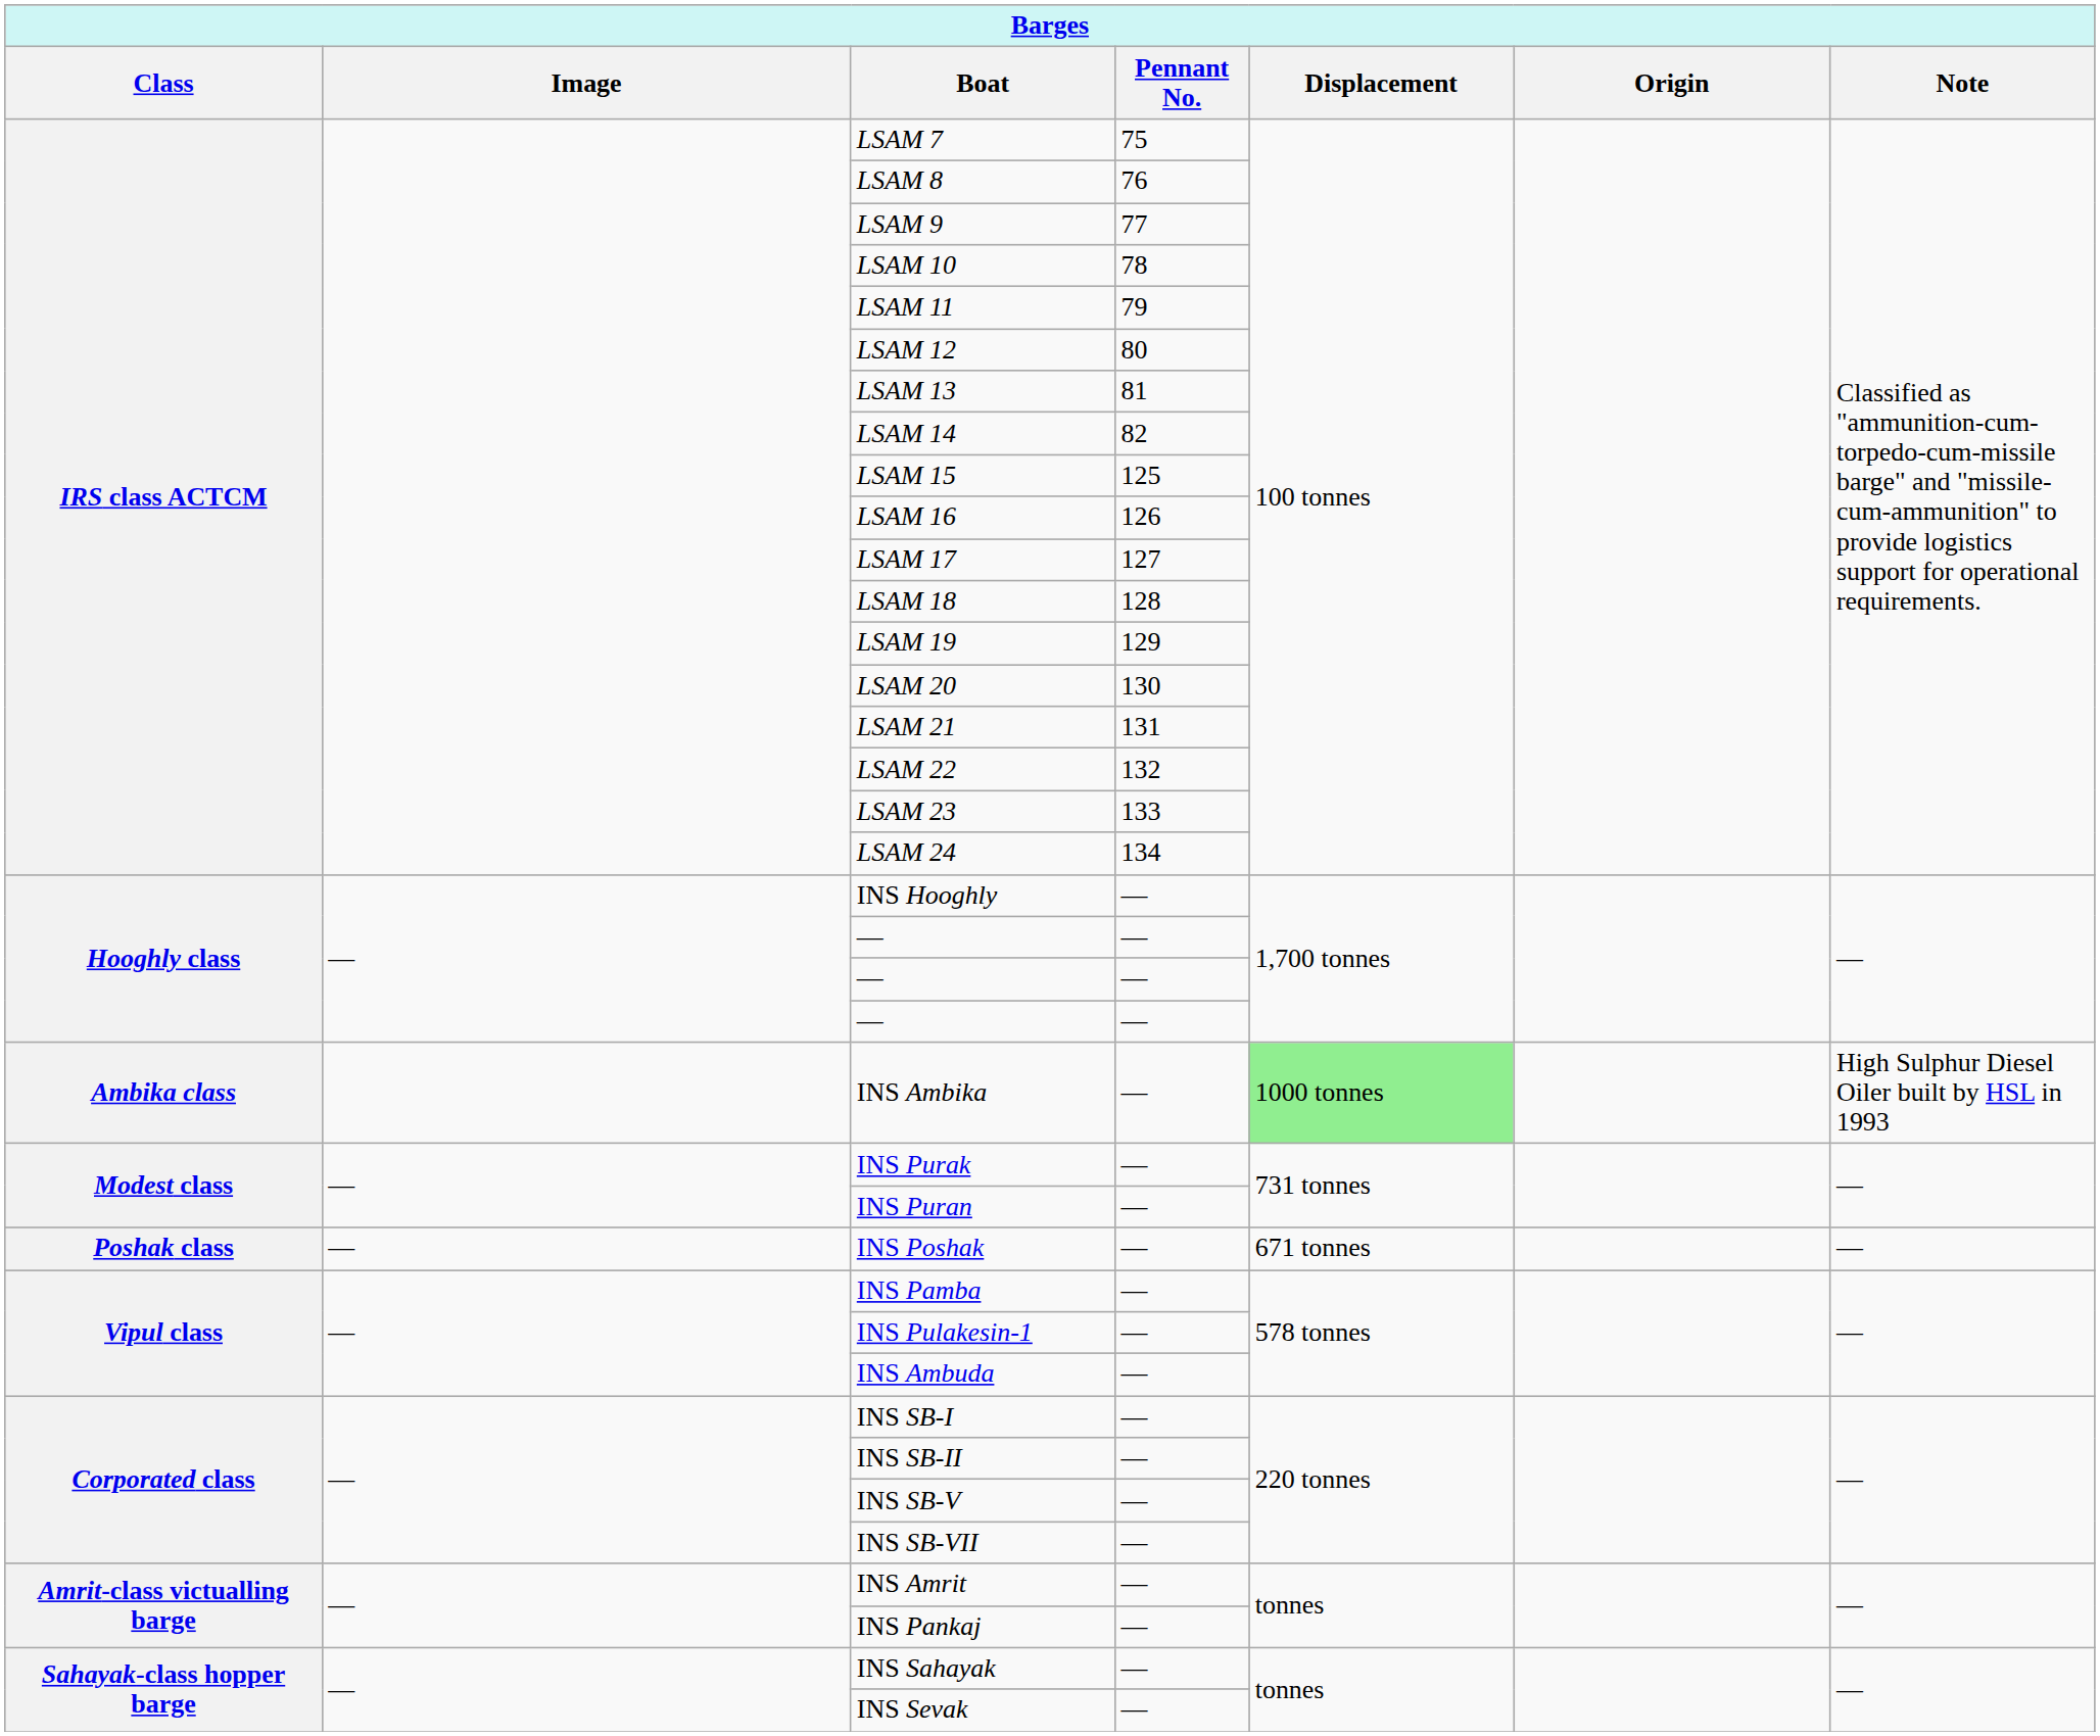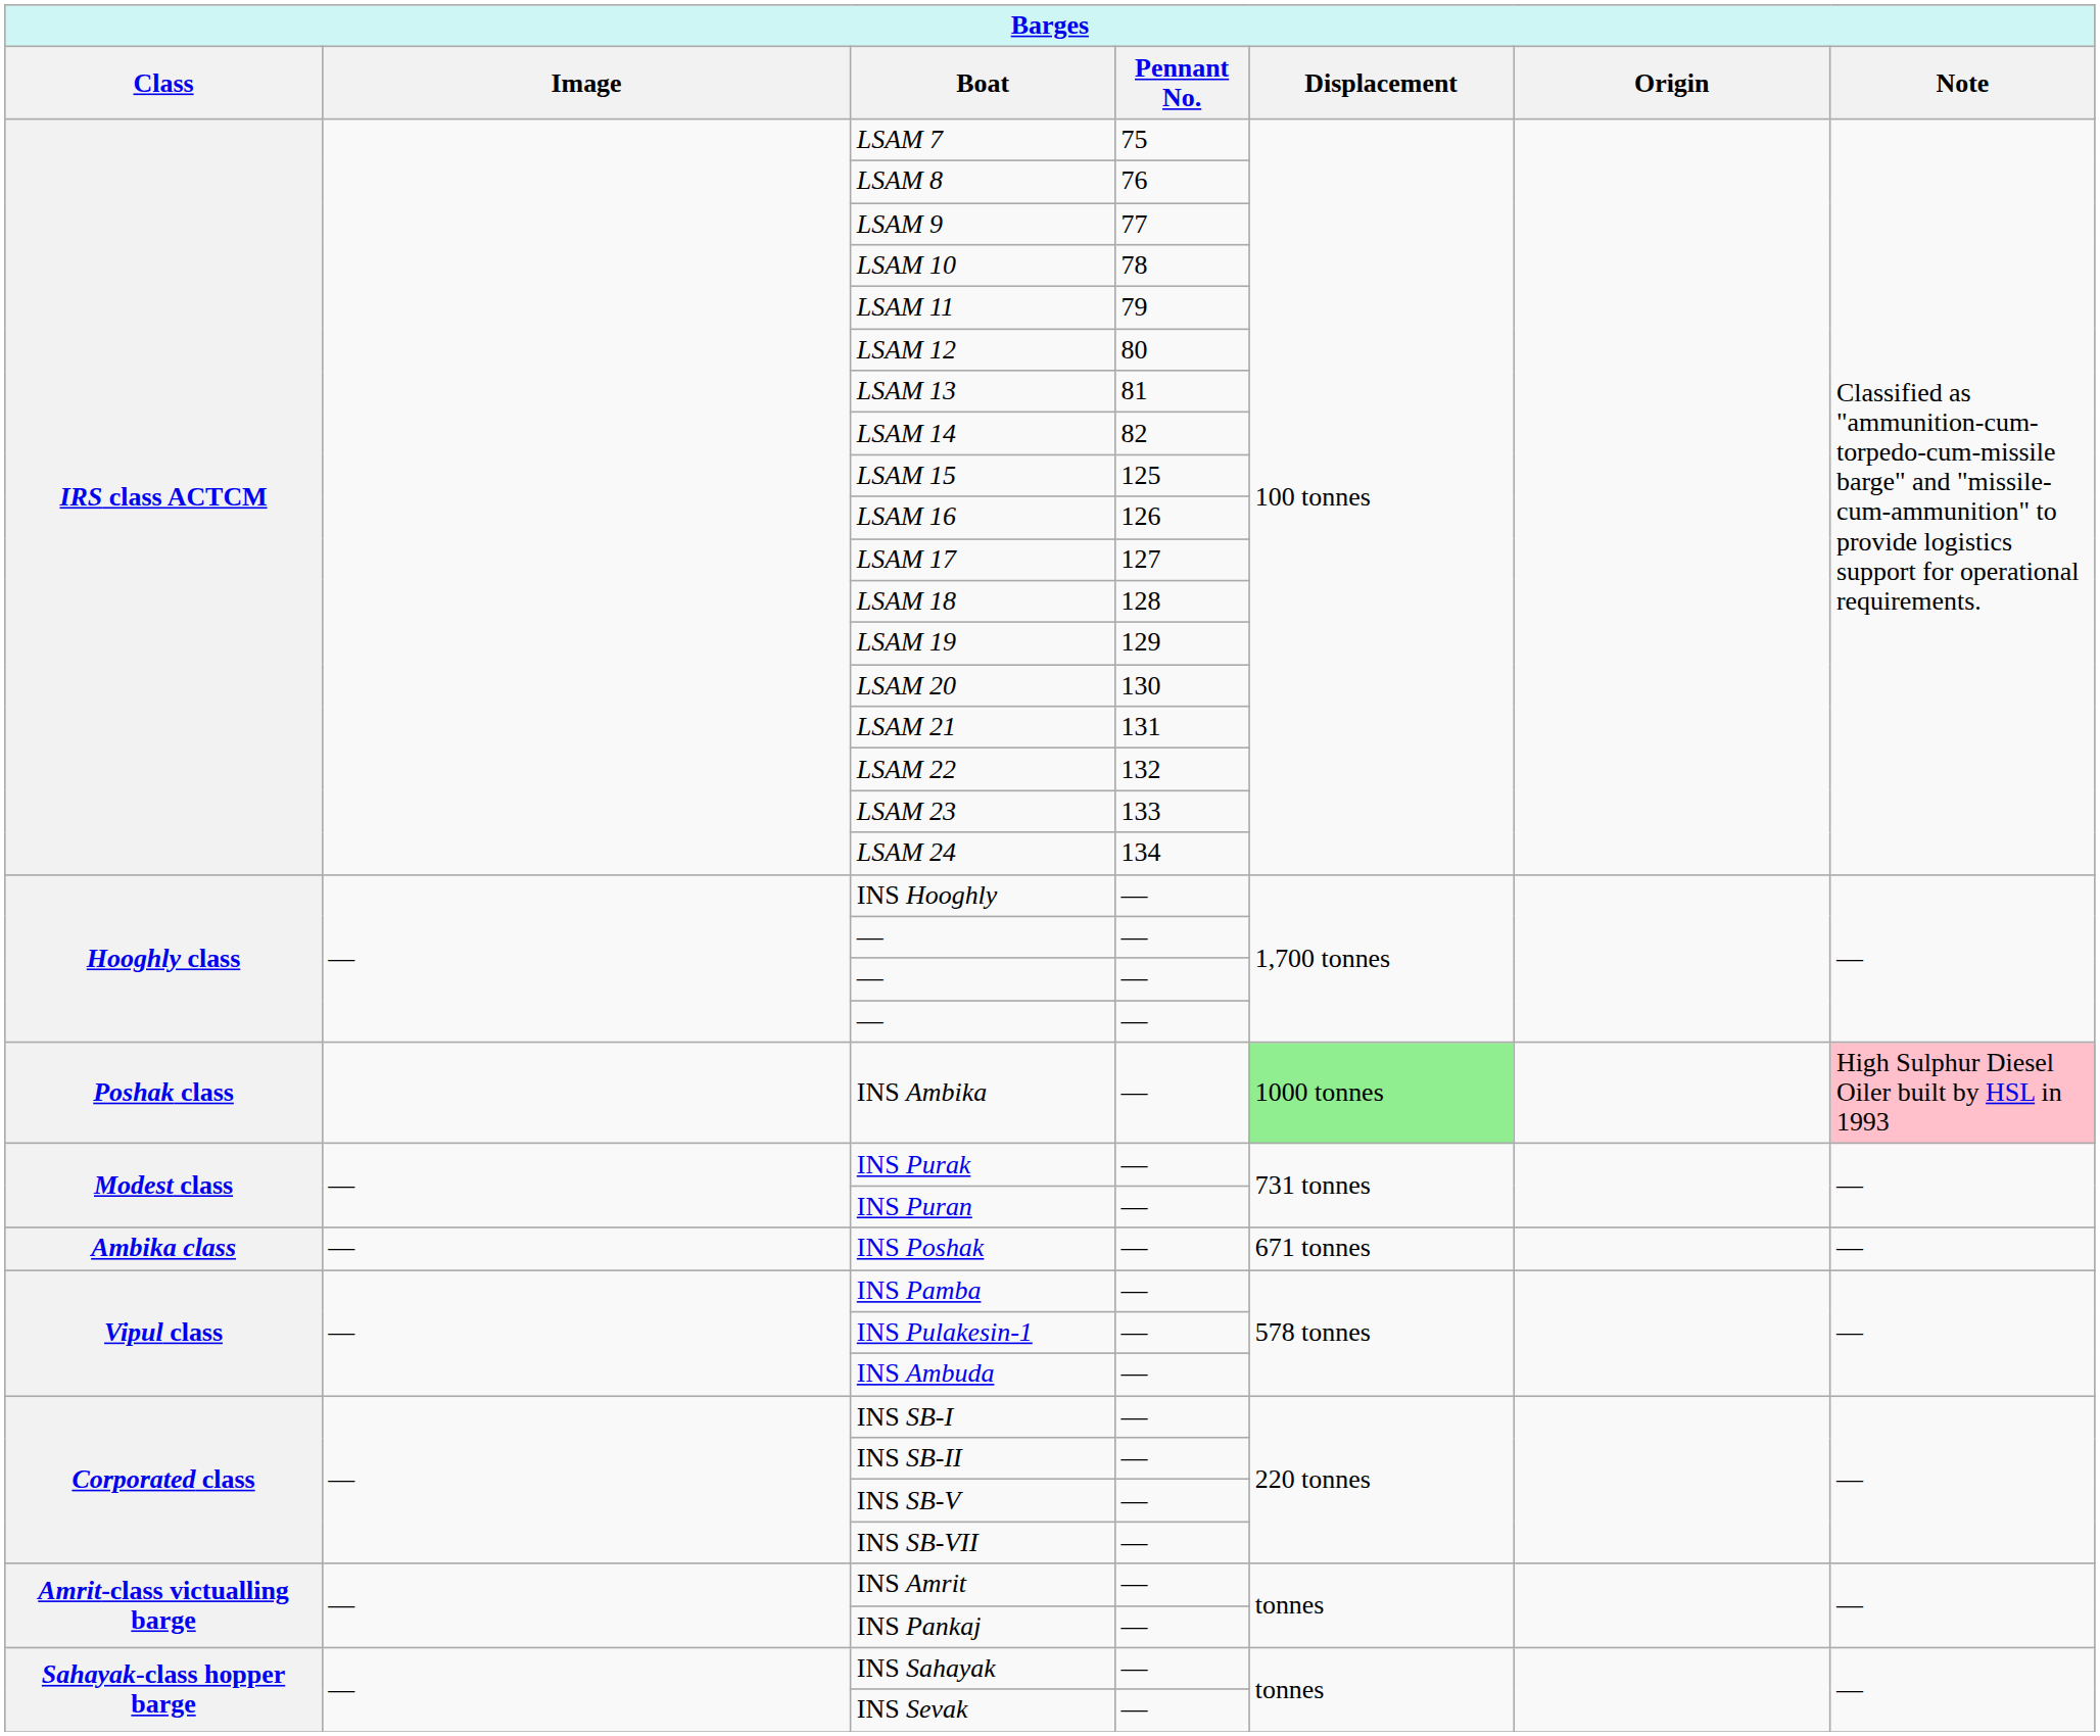 <table class="wikitable" style="margin:auto; width:100%;">
 <tr>
 <th colspan="7" style="align: center; background: #CEF6F5;"><a href='#'>Barges</a></th>
 </tr>
 <tr>
 <th style="text-align:center; width:12%;"><a href='#'>Class</a></th>
 <th style="text-align:center; width:20%;">Image</th>
 <th style="text-align:center; width:10%;">Boat</th>
 <th style="text-align:center; width:5%;"><a href='#'>Pennant No.</a></th>
 <th style="text-align:center; width:10%;">Displacement</th>
 <th style="text-align:center; width:12%;">Origin</th>
 <th style="text-align:center; width:10%;">Note</th>
 </tr>
 <tr>
 <th rowspan="18"><a href='#'><em>IRS</em> class ACTCM</a></th>
 <td rowspan="18"></td>
 <td><em>LSAM 7</em></td>
 <td>75</td>
 <td rowspan="18">100 tonnes</td>
 <td rowspan="18"></td>
 <td rowspan="18">Classified as "ammunition-cum-torpedo-cum-missile barge" and "missile-cum-ammunition" to provide logistics support for operational requirements.</td>
 </tr>
 <tr>
 <td><em>LSAM 8</em></td>
 <td>76</td>
 </tr>
 <tr>
 <td><em>LSAM 9</em></td>
 <td>77</td>
 </tr>
 <tr>
 <td><em>LSAM 10</em></td>
 <td>78</td>
 </tr>
 <tr>
 <td><em>LSAM 11</em></td>
 <td>79</td>
 </tr>
 <tr>
 <td><em>LSAM 12</em></td>
 <td>80</td>
 </tr>
 <tr>
 <td><em>LSAM 13</em></td>
 <td>81</td>
 </tr>
 <tr>
 <td><em>LSAM 14</em></td>
 <td>82</td>
 </tr>
 <tr>
 <td><em>LSAM 15</em></td>
 <td>125</td>
 </tr>
 <tr>
 <td><em>LSAM 16</em></td>
 <td>126</td>
 </tr>
 <tr>
 <td><em>LSAM 17</em></td>
 <td>127</td>
 </tr>
 <tr>
 <td><em>LSAM 18</em></td>
 <td>128</td>
 </tr>
 <tr>
 <td><em>LSAM 19</em></td>
 <td>129</td>
 </tr>
 <tr>
 <td><em>LSAM 20</em></td>
 <td>130</td>
 </tr>
 <tr>
 <td><em>LSAM 21</em></td>
 <td>131</td>
 </tr>
 <tr>
 <td><em>LSAM 22</em></td>
 <td>132</td>
 </tr>
 <tr>
 <td><em>LSAM 23</em></td>
 <td>133</td>
 </tr>
 <tr>
 <td><em>LSAM 24</em></td>
 <td>134</td>
 </tr>
 <tr>
 <th rowspan="4"><a href='#'><em>Hooghly</em> class</a></th>
 <td rowspan="4">—</td>
 <td>INS <em>Hooghly</em></td>
 <td>—</td>
 <td rowspan="4">1,700 tonnes</td>
 <td rowspan="4"></td>
 <td rowspan="4">—</td>
 </tr>
 <tr>
 <td>—</td>
 <td>—</td>
 </tr>
 <tr>
 <td>—</td>
 <td>—</td>
 </tr>
 <tr>
 <td>—</td>
 <td>—</td>
 </tr>
 <tr>
-<th><a href='#'><em>Ambika class</em></a></th>
+<th rowspan="1"><a href='#'><em>Poshak</em> class</a></th>
 <td></td>
 <td>INS <em>Ambika</em></td>
 <td>—</td>
 <td style="background: lightgreen;">1000 tonnes</td>
 <td></td>
-<td>High Sulphur Diesel Oiler built by <a href='#'>HSL</a> in 1993</td>
+<td style="background: pink;">High Sulphur Diesel Oiler built by <a href='#'>HSL</a> in 1993</td>
 </tr>
 <tr>
 <th rowspan="2"><a href='#'><em>Modest</em> class</a></th>
 <td rowspan="2">—</td>
 <td><a href='#'>INS <em>Purak</em></a></td>
 <td>—</td>
 <td rowspan="2">731 tonnes</td>
 <td rowspan="2"></td>
 <td rowspan="2">—</td>
 </tr>
 <tr>
 <td><a href='#'>INS <em>Puran</em></a></td>
 <td>—</td>
 </tr>
 <tr>
-<th rowspan="1"><a href='#'><em>Poshak</em> class</a></th>
+<th><a href='#'><em>Ambika class</em></a></th>
 <td rowspan="1">—</td>
 <td><a href='#'>INS <em>Poshak</em></a></td>
 <td>—</td>
 <td rowspan="1">671 tonnes</td>
 <td rowspan="1"></td>
 <td rowspan="1">—</td>
 </tr>
 <tr>
 <th rowspan="3"><a href='#'><em>Vipul</em> class</a></th>
 <td rowspan="3">—</td>
 <td><a href='#'>INS <em>Pamba</em></a></td>
 <td>—</td>
 <td rowspan="3">578 tonnes</td>
 <td rowspan="3"></td>
 <td rowspan="3">—</td>
 </tr>
 <tr>
 <td><a href='#'>INS <em>Pulakesin-1</em></a></td>
 <td>—</td>
 </tr>
 <tr>
 <td><a href='#'>INS <em>Ambuda</em></a></td>
 <td>—</td>
 </tr>
 <tr>
 <th rowspan="4"><a href='#'><em>Corporated</em> class</a></th>
 <td rowspan="4">—</td>
 <td>INS <em>SB-I</em></td>
 <td>—</td>
 <td rowspan="4">220 tonnes</td>
 <td rowspan="4"></td>
 <td rowspan="4">—</td>
 </tr>
 <tr>
 <td>INS <em>SB-II</em></td>
 <td>—</td>
 </tr>
 <tr>
 <td>INS <em>SB-V</em></td>
 <td>—</td>
 </tr>
 <tr>
 <td>INS <em>SB-VII</em></td>
 <td>—</td>
 </tr>
 <tr>
 <th rowspan="2"><a href='#'><em>Amrit</em>-class victualling barge</a></th>
 <td rowspan="2">—</td>
 <td>INS <em>Amrit</em></td>
 <td>—</td>
 <td rowspan="2">tonnes</td>
 <td rowspan="2"></td>
 <td rowspan="2">—</td>
 </tr>
 <tr>
 <td>INS <em>Pankaj</em></td>
 <td>—</td>
 </tr>
 <tr>
 <th rowspan="2"><a href='#'><em>Sahayak</em>-class hopper barge</a></th>
 <td rowspan="2">—</td>
 <td>INS <em>Sahayak</em></td>
 <td>—</td>
 <td rowspan="2">tonnes</td>
 <td rowspan="2"></td>
 <td rowspan="2">—</td>
 </tr>
 <tr>
 <td>INS <em>Sevak</em></td>
 <td>—</td>
 </tr>
 </table>
